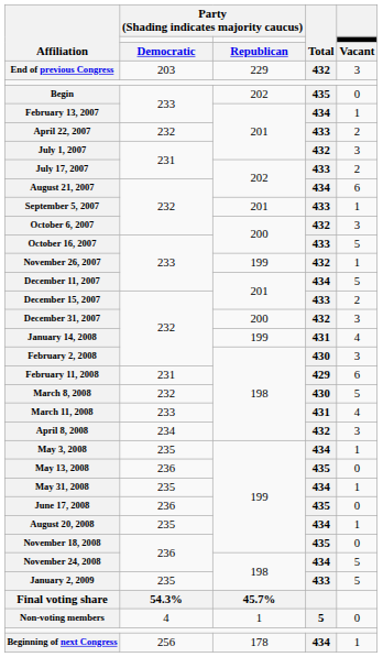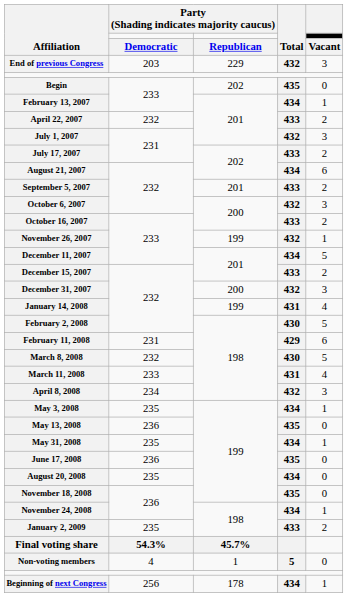 <table class="wikitable" style="text-align:center;">
 <tr style="vertical-align:bottom;">
 <th rowspan=3>Affiliation</th>
 <th colspan=2>Party <div>(Shading indicates majority caucus)</div></th>
 <th rowspan=3>Total</th>
 <th></th>
 </tr>
 <tr style="height:5px">
 <td style="background-color:"></td>
 <td style="background-color:"></td>
 <td style="background:black;"></td>
 </tr>
 <tr>
 <th><a href='#'>Democratic</a></th>
 <th><a href='#'>Republican</a></th>
 <th>Vacant</th>
 </tr>
 <tr>
 <th style="white-space:nowrap; font-size:80%;">End of <a href='#'>previous Congress</a></th>
 <td>203</td>
 <td>229</td>
 <th>432</th>
 <td>3</td>
 </tr>
 <tr>
 <td colspan=6></td>
 </tr>
 <tr>
 <th style="white-space:nowrap; font-size:80%;">Begin</th>
 <td rowspan=2 >233</td>
 <td>202</td>
 <th>435</th>
 <td>0</td>
 </tr>
 <tr>
 <th style="white-space:nowrap; font-size:80%;">February 13, 2007</th>
 <td rowspan=3>201</td>
 <th>434</th>
 <td>1</td>
 </tr>
 <tr>
 <th style="white-space:nowrap; font-size:80%;">April 22, 2007</th>
 <td>232</td>
 <th>433</th>
 <td>2</td>
 </tr>
 <tr>
 <th style="white-space:nowrap; font-size:80%;">July 1, 2007</th>
 <td rowspan=2 >231</td>
 <th>432</th>
 <td>3</td>
 </tr>
 <tr>
 <th style="white-space:nowrap; font-size:80%;">July 17, 2007</th>
 <td rowspan=2>202</td>
 <th>433</th>
 <td>2</td>
 </tr>
 <tr>
 <th style="white-space:nowrap; font-size:80%;">August 21, 2007</th>
 <td rowspan=3 >232</td>
 <th>434</th>
 <td>6</td>
 </tr>
 <tr>
 <th style="white-space:nowrap; font-size:80%;">September 5, 2007</th>
 <td>201</td>
 <th>433</th>
-<td>1</td>
+<td>2</td>
 </tr>
 <tr>
 <th style="white-space:nowrap; font-size:80%;">October 6, 2007</th>
 <td rowspan=2>200</td>
 <th>432</th>
 <td>3</td>
 </tr>
 <tr>
 <th style="white-space:nowrap; font-size:80%;">October 16, 2007</th>
 <td rowspan=3 >233</td>
 <th>433</th>
-<td>5</td>
+<td>2</td>
 </tr>
 <tr>
 <th style="white-space:nowrap; font-size:80%;">November 26, 2007</th>
 <td>199</td>
 <th>432</th>
 <td>1</td>
 </tr>
 <tr>
 <th style="white-space:nowrap; font-size:80%;">December 11, 2007</th>
 <td rowspan=2>201</td>
 <th>434</th>
 <td>5</td>
 </tr>
 <tr>
 <th style="white-space:nowrap; font-size:80%;">December 15, 2007</th>
 <td rowspan=4 >232</td>
 <th>433</th>
 <td>2</td>
 </tr>
 <tr>
 <th style="white-space:nowrap; font-size:80%;">December 31, 2007</th>
 <td>200</td>
 <th>432</th>
 <td>3</td>
 </tr>
 <tr>
 <th style="white-space:nowrap; font-size:80%;">January 14, 2008</th>
 <td>199</td>
 <th>431</th>
 <td>4</td>
 </tr>
 <tr>
 <th style="white-space:nowrap; font-size:80%;">February 2, 2008</th>
 <td rowspan=5>198</td>
 <th>430</th>
-<td>3</td>
+<td>5</td>
 </tr>
 <tr>
 <th style="white-space:nowrap; font-size:80%;">February 11, 2008</th>
 <td>231</td>
 <th>429</th>
 <td>6</td>
 </tr>
 <tr>
 <th style="white-space:nowrap; font-size:80%;">March 8, 2008</th>
 <td>232</td>
 <th>430</th>
 <td>5</td>
 </tr>
 <tr>
 <th style="white-space:nowrap; font-size:80%;">March 11, 2008</th>
 <td>233</td>
 <th>431</th>
 <td>4</td>
 </tr>
 <tr>
 <th style="white-space:nowrap; font-size:80%;">April 8, 2008 </th>
 <td>234</td>
 <th>432</th>
 <td>3</td>
 </tr>
 <tr>
 <th style="white-space:nowrap; font-size:80%;">May 3, 2008 </th>
 <td>235</td>
 <td rowspan=6>199</td>
 <th>434</th>
 <td>1</td>
 </tr>
 <tr>
 <th style="white-space:nowrap; font-size:80%;">May 13, 2008 </th>
 <td>236</td>
 <th>435</th>
 <td>0</td>
 </tr>
 <tr>
 <th style="white-space:nowrap; font-size:80%;">May 31, 2008</th>
 <td>235</td>
 <th>434</th>
 <td>1</td>
 </tr>
 <tr>
 <th style="white-space:nowrap; font-size:80%;">June 17, 2008 </th>
 <td>236</td>
 <th>435</th>
 <td>0</td>
 </tr>
 <tr>
 <th style="white-space:nowrap; font-size:80%;">August 20, 2008</th>
 <td>235</td>
 <th>434</th>
-<td>1</td>
+<td>0</td>
 </tr>
 <tr>
 <th style="white-space:nowrap; font-size:80%;">November 18, 2008 </th>
 <td rowspan=2 >236</td>
 <th>435</th>
 <td>0</td>
 </tr>
 <tr>
 <th style="white-space:nowrap; font-size:80%;">November 24, 2008</th>
 <td rowspan=2>198</td>
 <th>434</th>
-<td>5</td>
+<td>1</td>
 </tr>
 <tr>
 <th style="white-space:nowrap; font-size:80%;">January 2, 2009</th>
 <td>235</td>
 <th>433</th>
-<td>5</td>
+<td>2</td>
 </tr>
 <tr>
 <th>Final voting share</th>
 <th>54.3% </th>
 <th>45.7%</th>
 <th></th>
 <td></td>
 </tr>
 <tr>
 <th style=font-size:80%>Non-voting members</th>
 <td>4</td>
 <td>1</td>
 <th>5</th>
 <td>0</td>
 </tr>
 <tr>
 <td colspan=6></td>
 </tr>
 <tr>
 <th style="white-space:nowrap; font-size:80%;">Beginning of <a href='#'>next Congress</a></th>
 <td>256</td>
 <td>178</td>
 <th>434</th>
 <td>1</td>
 </tr>
 </table>
